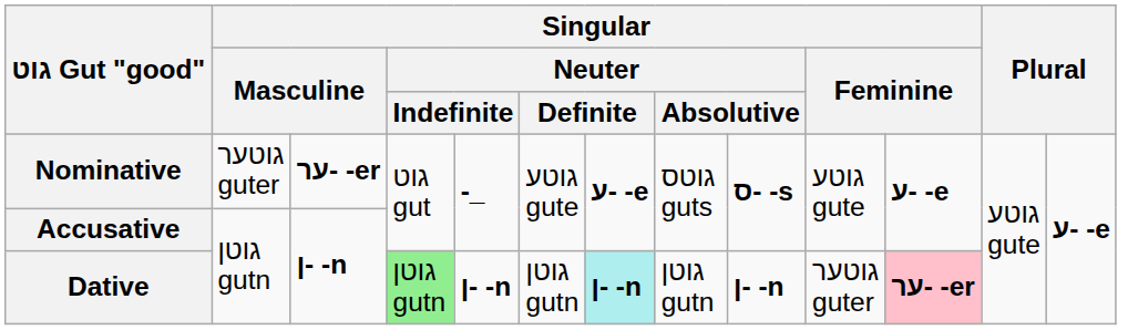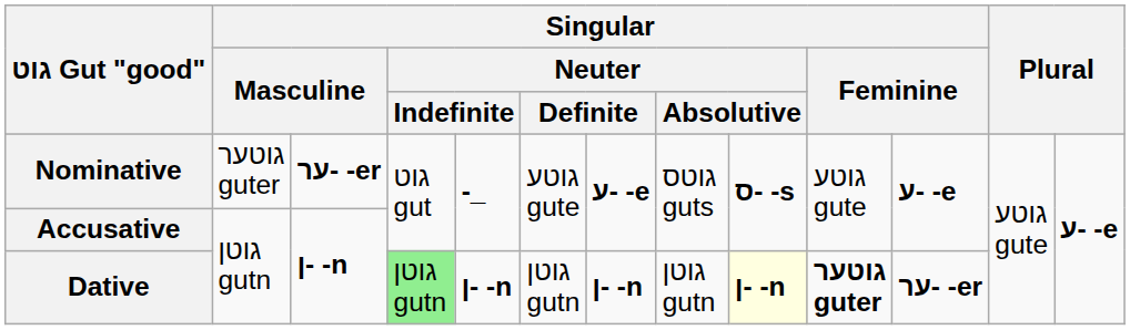 <table class="wikitable">
 <tr>
 <th rowspan="3">גוט Gut "good"</th>
 <th colspan="10">Singular</th>
 <th colspan="2" rowspan="3">Plural</th>
 </tr>
 <tr>
 <th colspan="2" rowspan="2">Masculine</th>
 <th colspan="6">Neuter</th>
 <th colspan="2" rowspan="2">Feminine</th>
 </tr>
 <tr>
 <th colspan="2">Indefinite</th>
 <th colspan="2">Definite</th>
 <th colspan="2">Absolutive</th>
 </tr>
 <tr>
 <th>Nominative</th>
 <td>גוטער<br>guter</td>
 <td><strong>ער- -er</strong></td>
 <td rowspan="2">גוט<br>gut</td>
 <td rowspan="2"><strong>-_</strong></td>
 <td rowspan="2">גוטע<br>gute</td>
 <td rowspan="2"><strong>ע- -e</strong></td>
 <td rowspan="2">גוטס<br>guts</td>
 <td rowspan="2"><strong>ס- -s</strong></td>
 <td rowspan="2">גוטע<br>gute</td>
 <td rowspan="2"><strong>ע- -e</strong></td>
 <td rowspan="3">גוטע<br>gute</td>
 <td rowspan="3"><strong>ע- -e</strong></td>
 </tr>
 <tr>
 <th>Accusative</th>
 <td rowspan="2">גוטן<br>gutn</td>
 <td rowspan="2"><strong>ן- -n</strong></td>
 </tr>
 <tr>
 <th>Dative</th>
 <td style="background: lightgreen;">גוטן<br>gutn</td>
 <td><strong>ן- -n</strong></td>
 <td>גוטן<br>gutn</td>
-<td style="background: paleturquoise;"><strong>ן- -n</strong></td>
+<td><strong>ן- -n</strong></td>
 <td>גוטן<br>gutn</td>
-<td><strong>ן- -n</strong></td>
-<td>גוטער<br>guter</td>
-<td style="background: pink;"><strong>ער- -er</strong></td>
+<td style="background: lightyellow;"><strong>ן- -n</strong></td>
+<td><strong>גוטער<br>guter</strong></td>
+<td><strong>ער- -er</strong></td>
 </tr>
 </table>
